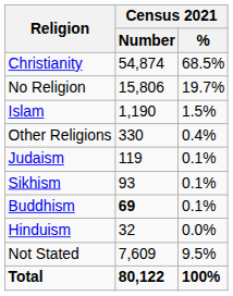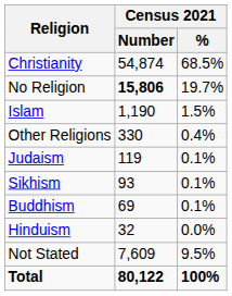 <table class="wikitable">
 <tr>
 <th rowspan="2">Religion</th>
 <th colspan="2">Census 2021</th>
 </tr>
 <tr>
 <th>Number</th>
 <th>%</th>
 </tr>
 <tr>
 <td> <a href='#'>Christianity</a></td>
 <td>54,874</td>
 <td>68.5%</td>
 </tr>
 <tr>
 <td>No Religion</td>
-<td>15,806</td>
+<td><strong>15,806</strong></td>
 <td>19.7%</td>
 </tr>
 <tr>
 <td> <a href='#'>Islam</a></td>
 <td>1,190</td>
 <td>1.5%</td>
 </tr>
 <tr>
 <td>Other Religions</td>
 <td>330</td>
 <td>0.4%</td>
 </tr>
 <tr>
 <td> <a href='#'>Judaism</a></td>
 <td>119</td>
 <td>0.1%</td>
 </tr>
 <tr>
 <td> <a href='#'>Sikhism</a></td>
 <td>93</td>
 <td>0.1%</td>
 </tr>
 <tr>
 <td> <a href='#'>Buddhism</a></td>
-<td><strong>69</strong></td>
+<td>69</td>
 <td>0.1%</td>
 </tr>
 <tr>
 <td> <a href='#'>Hinduism</a></td>
 <td>32</td>
 <td>0.0%</td>
 </tr>
 <tr>
 <td>Not Stated</td>
 <td>7,609</td>
 <td>9.5%</td>
 </tr>
 <tr>
 <td><strong>Total</strong></td>
 <td><strong>80,122</strong></td>
 <td><strong>100%</strong></td>
 </tr>
 </table>
